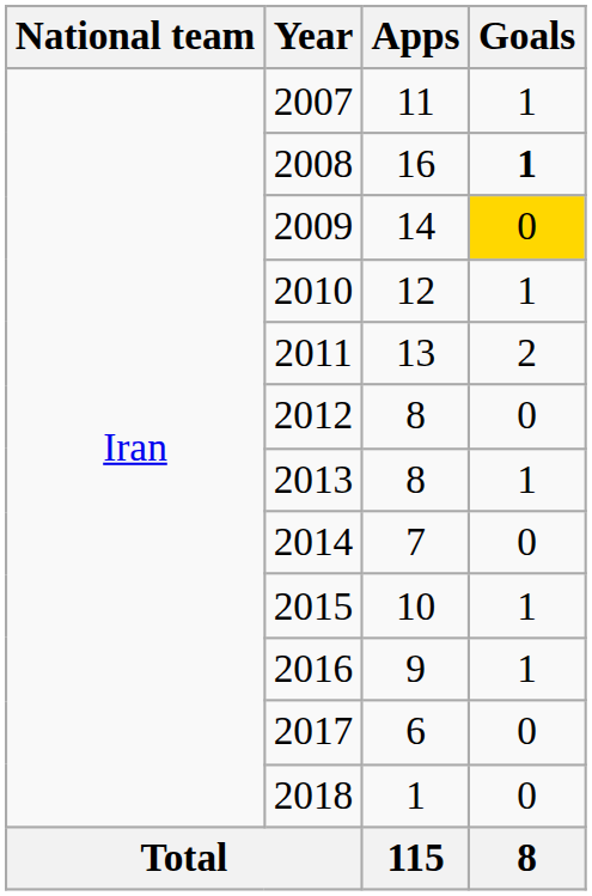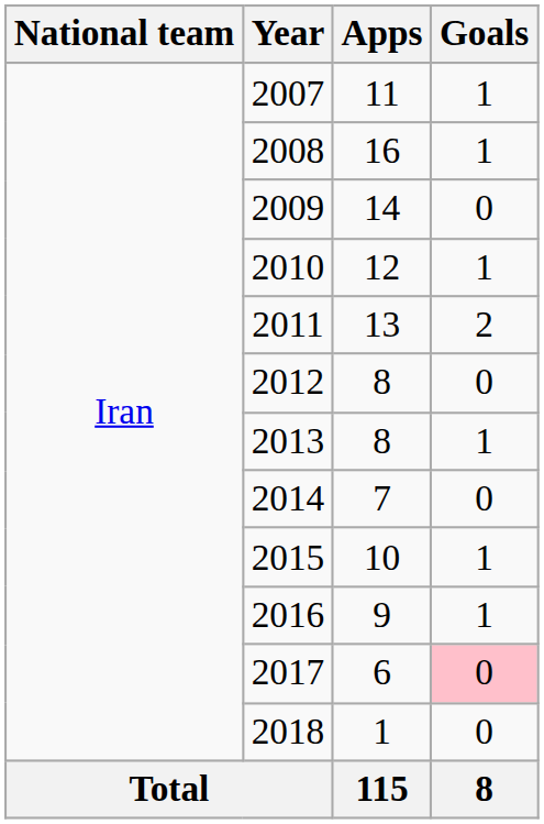 <table class="wikitable" style="text-align:center">
 <tr>
 <th>National team</th>
 <th>Year</th>
 <th>Apps</th>
 <th>Goals</th>
 </tr>
 <tr>
 <td rowspan="12"><a href='#'>Iran</a></td>
 <td>2007</td>
 <td>11</td>
 <td>1</td>
 </tr>
 <tr>
 <td>2008</td>
 <td>16</td>
-<td><strong>1</strong></td>
+<td>1</td>
 </tr>
 <tr>
 <td>2009</td>
 <td>14</td>
-<td style="background: gold;">0</td>
+<td>0</td>
 </tr>
 <tr>
 <td>2010</td>
 <td>12</td>
 <td>1</td>
 </tr>
 <tr>
 <td>2011</td>
 <td>13</td>
 <td>2</td>
 </tr>
 <tr>
 <td>2012</td>
 <td>8</td>
 <td>0</td>
 </tr>
 <tr>
 <td>2013</td>
 <td>8</td>
 <td>1</td>
 </tr>
 <tr>
 <td>2014</td>
 <td>7</td>
 <td>0</td>
 </tr>
 <tr>
 <td>2015</td>
 <td>10</td>
 <td>1</td>
 </tr>
 <tr>
 <td>2016</td>
 <td>9</td>
 <td>1</td>
 </tr>
 <tr>
 <td>2017</td>
 <td>6</td>
-<td>0</td>
+<td style="background: pink;">0</td>
 </tr>
 <tr>
 <td>2018</td>
 <td>1</td>
 <td>0</td>
 </tr>
 <tr>
 <th colspan="2">Total</th>
 <th>115</th>
 <th>8</th>
 </tr>
 </table>
